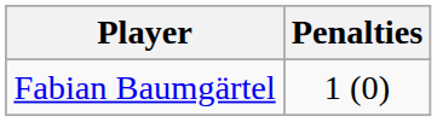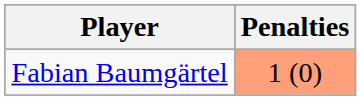 <table class="wikitable">
 <tr>
 <th>Player</th>
 <th>Penalties</th>
 </tr>
 <tr>
 <td> <a href='#'>Fabian Baumgärtel</a></td>
-<td align=center>1 (0)</td>
+<td align=center style="background: lightsalmon;">1 (0)</td>
 </tr>
 </table>
